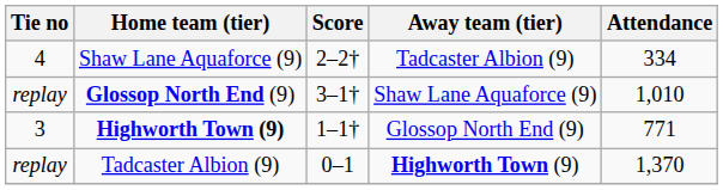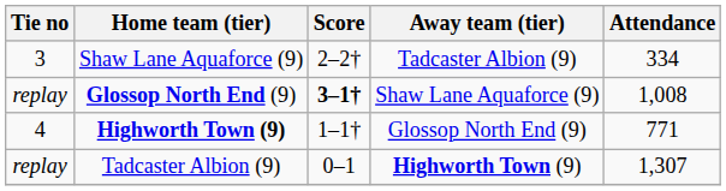 <table class="wikitable" style="text-align: center; font-size:85%">
 <tr>
 <th>Tie no</th>
 <th>Home team (tier)</th>
 <th>Score</th>
 <th>Away team (tier)</th>
 <th>Attendance</th>
 </tr>
 <tr>
-<td>4</td>
+<td>3</td>
 <td><a href='#'>Shaw Lane Aquaforce</a> (9)</td>
 <td>2–2†</td>
 <td><a href='#'>Tadcaster Albion</a> (9)</td>
 <td>334</td>
 </tr>
 <tr>
 <td><em>replay</em></td>
 <td><strong><a href='#'>Glossop North End</a></strong> (9)</td>
-<td>3–1†</td>
+<td><strong>3–1†</strong></td>
 <td><a href='#'>Shaw Lane Aquaforce</a> (9)</td>
-<td>1,010</td>
+<td>1,008</td>
 </tr>
 <tr>
-<td>3</td>
+<td>4</td>
 <td><strong><a href='#'>Highworth Town</a> (9)</strong></td>
 <td>1–1†</td>
 <td><a href='#'>Glossop North End</a> (9)</td>
 <td>771</td>
 </tr>
 <tr>
 <td><em>replay</em></td>
 <td><a href='#'>Tadcaster Albion</a> (9)</td>
 <td>0–1</td>
 <td><strong><a href='#'>Highworth Town</a></strong> (9)</td>
-<td>1,370</td>
+<td>1,307</td>
 </tr>
 <tr>
 </tr>
 </table>
